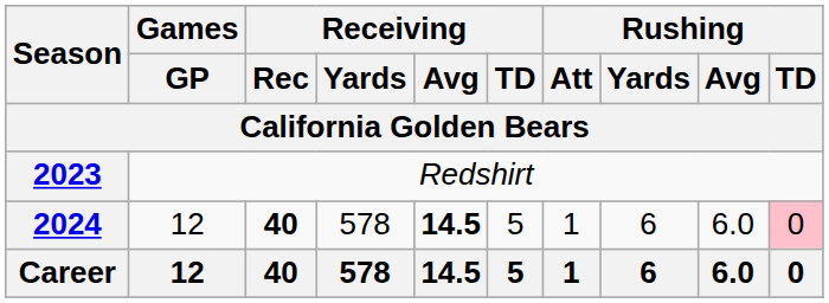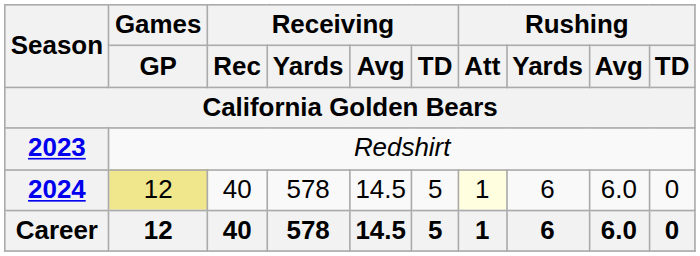 <table class="wikitable" style="text-align:center;">
 <tr>
 <th rowspan="2">Season</th>
 <th>Games</th>
 <th colspan="4">Receiving</th>
 <th colspan="4">Rushing</th>
 </tr>
 <tr>
 <th>GP</th>
 <th>Rec</th>
 <th>Yards</th>
 <th>Avg</th>
 <th>TD</th>
 <th>Att</th>
 <th>Yards</th>
 <th>Avg</th>
 <th>TD</th>
 </tr>
 <tr>
 <th colspan="10">California Golden Bears</th>
 </tr>
 <tr>
 <th><a href='#'>2023</a></th>
 <td colspan="9"><em>Redshirt </em></td>
 </tr>
 <tr>
 <th><a href='#'>2024</a></th>
-<td>12</td>
-<td><strong>40</strong></td>
+<td style="background: khaki;">12</td>
+<td>40</td>
 <td>578</td>
-<td><strong>14.5</strong></td>
+<td>14.5</td>
 <td>5</td>
-<td>1</td>
+<td style="background: lightyellow;">1</td>
 <td>6</td>
 <td>6.0</td>
-<td style="background: pink;">0</td>
+<td>0</td>
 </tr>
 <tr>
 <th>Career</th>
 <th>12</th>
 <th>40</th>
 <th>578</th>
 <th>14.5</th>
 <th>5</th>
 <th>1</th>
 <th>6</th>
 <th>6.0</th>
 <th>0</th>
 </tr>
 </table>
